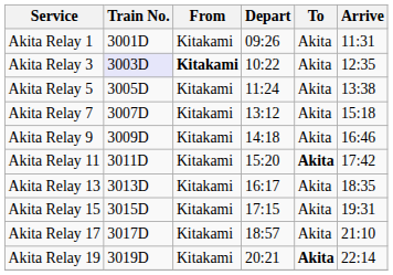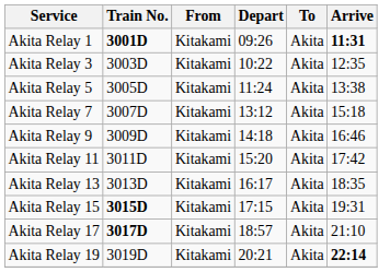 <table class="wikitable">
 <tr>
 <th>Service</th>
 <th>Train No.</th>
 <th>From</th>
 <th>Depart</th>
 <th>To</th>
 <th>Arrive</th>
 </tr>
 <tr>
 <td>Akita Relay 1</td>
-<td>3001D</td>
+<td><strong>3001D</strong></td>
 <td>Kitakami</td>
 <td>09:26</td>
 <td>Akita</td>
-<td>11:31</td>
+<td><strong>11:31</strong></td>
 </tr>
 <tr>
 <td>Akita Relay 3</td>
-<td style="background: lavender;">3003D</td>
-<td><strong>Kitakami</strong></td>
+<td>3003D</td>
+<td>Kitakami</td>
 <td>10:22</td>
 <td>Akita</td>
 <td>12:35</td>
 </tr>
 <tr>
 <td>Akita Relay 5</td>
 <td>3005D</td>
 <td>Kitakami</td>
 <td>11:24</td>
 <td>Akita</td>
 <td>13:38</td>
 </tr>
 <tr>
 <td>Akita Relay 7</td>
 <td>3007D</td>
 <td>Kitakami</td>
 <td>13:12</td>
 <td>Akita</td>
 <td>15:18</td>
 </tr>
 <tr>
 <td>Akita Relay 9</td>
 <td>3009D</td>
 <td>Kitakami</td>
 <td>14:18</td>
 <td>Akita</td>
 <td>16:46</td>
 </tr>
 <tr>
 <td>Akita Relay 11</td>
 <td>3011D</td>
 <td>Kitakami</td>
 <td>15:20</td>
-<td><strong>Akita</strong></td>
+<td>Akita</td>
 <td>17:42</td>
 </tr>
 <tr>
 <td>Akita Relay 13</td>
 <td>3013D</td>
 <td>Kitakami</td>
 <td>16:17</td>
 <td>Akita</td>
 <td>18:35</td>
 </tr>
 <tr>
 <td>Akita Relay 15</td>
-<td>3015D</td>
+<td><strong>3015D</strong></td>
 <td>Kitakami</td>
 <td>17:15</td>
 <td>Akita</td>
 <td>19:31</td>
 </tr>
 <tr>
 <td>Akita Relay 17</td>
-<td>3017D</td>
+<td><strong>3017D</strong></td>
 <td>Kitakami</td>
 <td>18:57</td>
 <td>Akita</td>
 <td>21:10</td>
 </tr>
 <tr>
 <td>Akita Relay 19</td>
 <td>3019D</td>
 <td>Kitakami</td>
 <td>20:21</td>
-<td><strong>Akita</strong></td>
-<td>22:14</td>
+<td>Akita</td>
+<td><strong>22:14</strong></td>
 </tr>
 <tr>
 </tr>
 </table>
